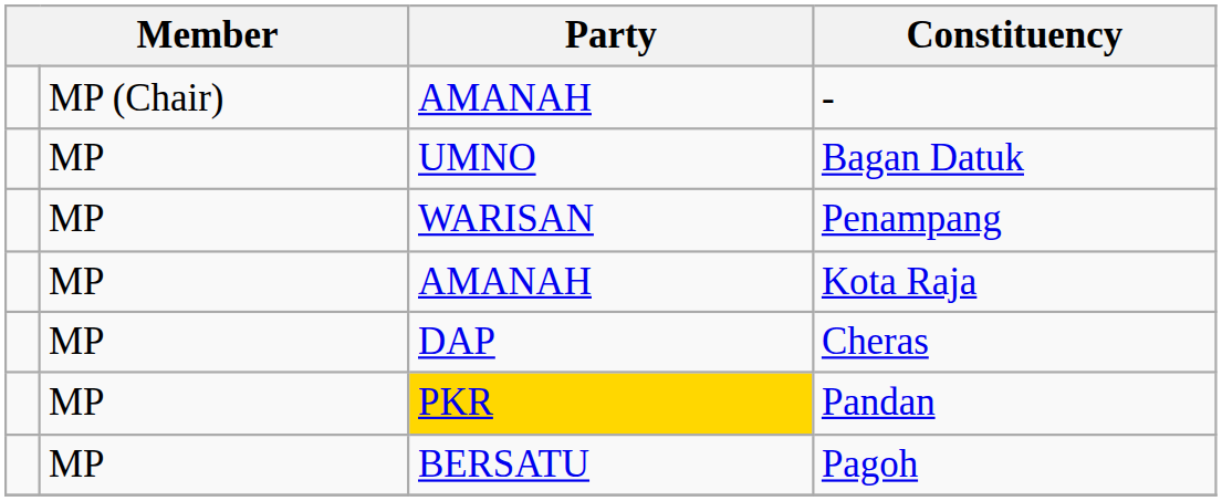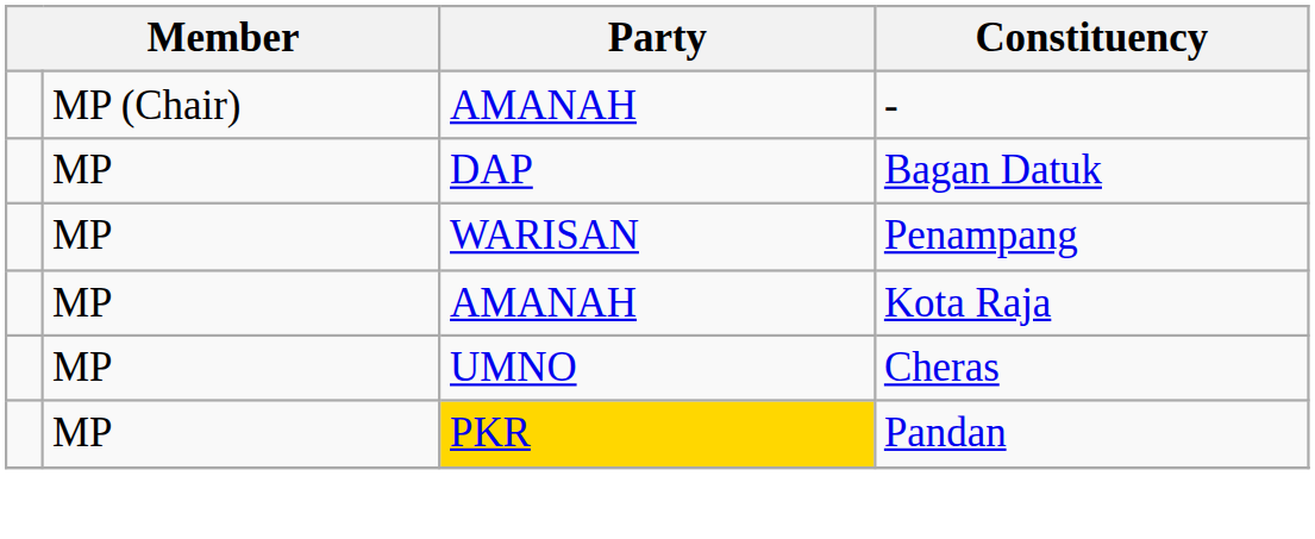 <table class="sortable wikitable">
 <tr>
 <th width="160px" colspan="2" valign="top">Member</th>
 <th width="160px" valign="top">Party</th>
 <th width="160px" valign="top">Constituency</th>
 </tr>
 <tr>
 <td></td>
 <td> MP (Chair)</td>
 <td><a href='#'>AMANAH</a></td>
 <td>-</td>
 </tr>
 <tr>
 <td></td>
 <td> MP</td>
-<td><a href='#'>UMNO</a></td>
+<td><a href='#'>DAP</a></td>
 <td><a href='#'>Bagan Datuk</a></td>
 </tr>
 <tr>
 <td></td>
 <td> MP</td>
 <td><a href='#'>WARISAN</a></td>
 <td><a href='#'>Penampang</a></td>
 </tr>
 <tr>
 <td></td>
 <td> MP</td>
 <td><a href='#'>AMANAH</a></td>
 <td><a href='#'>Kota Raja</a></td>
 </tr>
 <tr>
 <td></td>
 <td> MP</td>
-<td><a href='#'>DAP</a></td>
+<td><a href='#'>UMNO</a></td>
 <td><a href='#'>Cheras</a></td>
 </tr>
 <tr>
 <td></td>
 <td> MP</td>
 <td style="background: gold;"><a href='#'>PKR</a></td>
 <td><a href='#'>Pandan</a></td>
 </tr>
 <tr>
-<td></td>
-<td> MP</td>
-<td><a href='#'>BERSATU</a></td>
-<td><a href='#'>Pagoh</a></td>
-</tr>
-<tr>
 </tr>
 </table>
